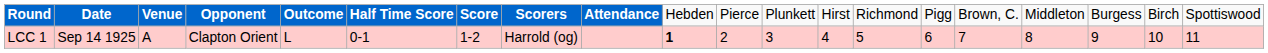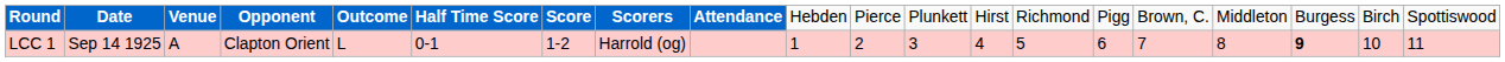 <table class="wikitable">
 <tr>
 <td style="background:#0066CC; color:#FFFFFF; text-align:center;"><strong>Round</strong></td>
 <td style="background:#0066CC; color:#FFFFFF; text-align:center;"><strong>Date</strong></td>
 <td style="background:#0066CC; color:#FFFFFF; text-align:center;"><strong>Venue</strong></td>
 <td style="background:#0066CC; color:#FFFFFF; text-align:center;"><strong>Opponent</strong></td>
 <td style="background:#0066CC; color:#FFFFFF; text-align:center;"><strong>Outcome</strong></td>
 <td style="background:#0066CC; color:#FFFFFF; text-align:center;"><strong>Half Time Score</strong></td>
 <td style="background:#0066CC; color:#FFFFFF; text-align:center;"><strong>Score</strong></td>
 <td style="background:#0066CC; color:#FFFFFF; text-align:center;"><strong>Scorers</strong></td>
 <td style="background:#0066CC; color:#FFFFFF; text-align:center;"><strong>Attendance</strong></td>
 <td>Hebden</td>
 <td>Pierce</td>
 <td>Plunkett</td>
 <td>Hirst</td>
 <td>Richmond</td>
 <td>Pigg</td>
 <td>Brown, C.</td>
 <td>Middleton</td>
 <td>Burgess</td>
 <td>Birch</td>
 <td>Spottiswood</td>
 </tr>
 <tr bgcolor="#FFCCCC">
 <td>LCC 1</td>
 <td>Sep 14 1925</td>
 <td>A</td>
 <td>Clapton Orient</td>
 <td>L</td>
 <td>0-1</td>
 <td>1-2</td>
 <td>Harrold (og)</td>
 <td></td>
-<td><strong>1</strong></td>
+<td>1</td>
 <td>2</td>
 <td>3</td>
 <td>4</td>
 <td>5</td>
 <td>6</td>
 <td>7</td>
 <td>8</td>
-<td>9</td>
+<td><strong>9</strong></td>
 <td>10</td>
 <td>11</td>
 </tr>
 </table>
